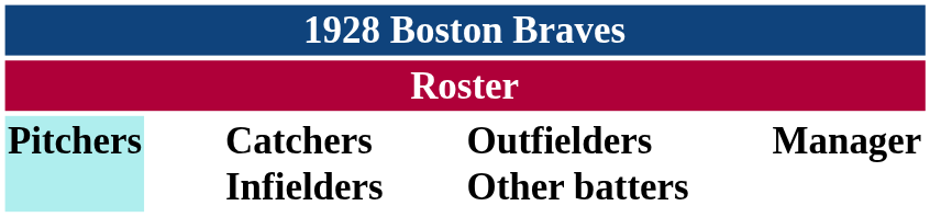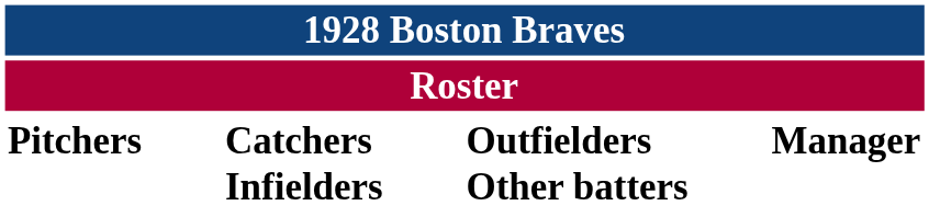 <table class="toccolours" style="font-size: 95%;">
 <tr>
 <th colspan="10" style="background-color: #0f437c; color: white; text-align: center;">1928 Boston Braves</th>
 </tr>
 <tr>
 <td colspan="10" style="background-color: #af0039; color: white; text-align: center;"><strong>Roster</strong></td>
 </tr>
 <tr>
-<td valign="top" style="background: paleturquoise;"><strong>Pitchers</strong><br>                   </td>
+<td valign="top"><strong>Pitchers</strong><br>                   </td>
 <td width="25px"></td>
 <td valign="top"><strong>Catchers</strong><br>     <strong>Infielders</strong>        </td>
 <td width="25px"></td>
 <td valign="top"><strong>Outfielders</strong><br>        <strong>Other batters</strong> </td>
 <td width="25px"></td>
 <td valign="top"><strong>Manager</strong><br> </td>
 </tr>
 </table>
